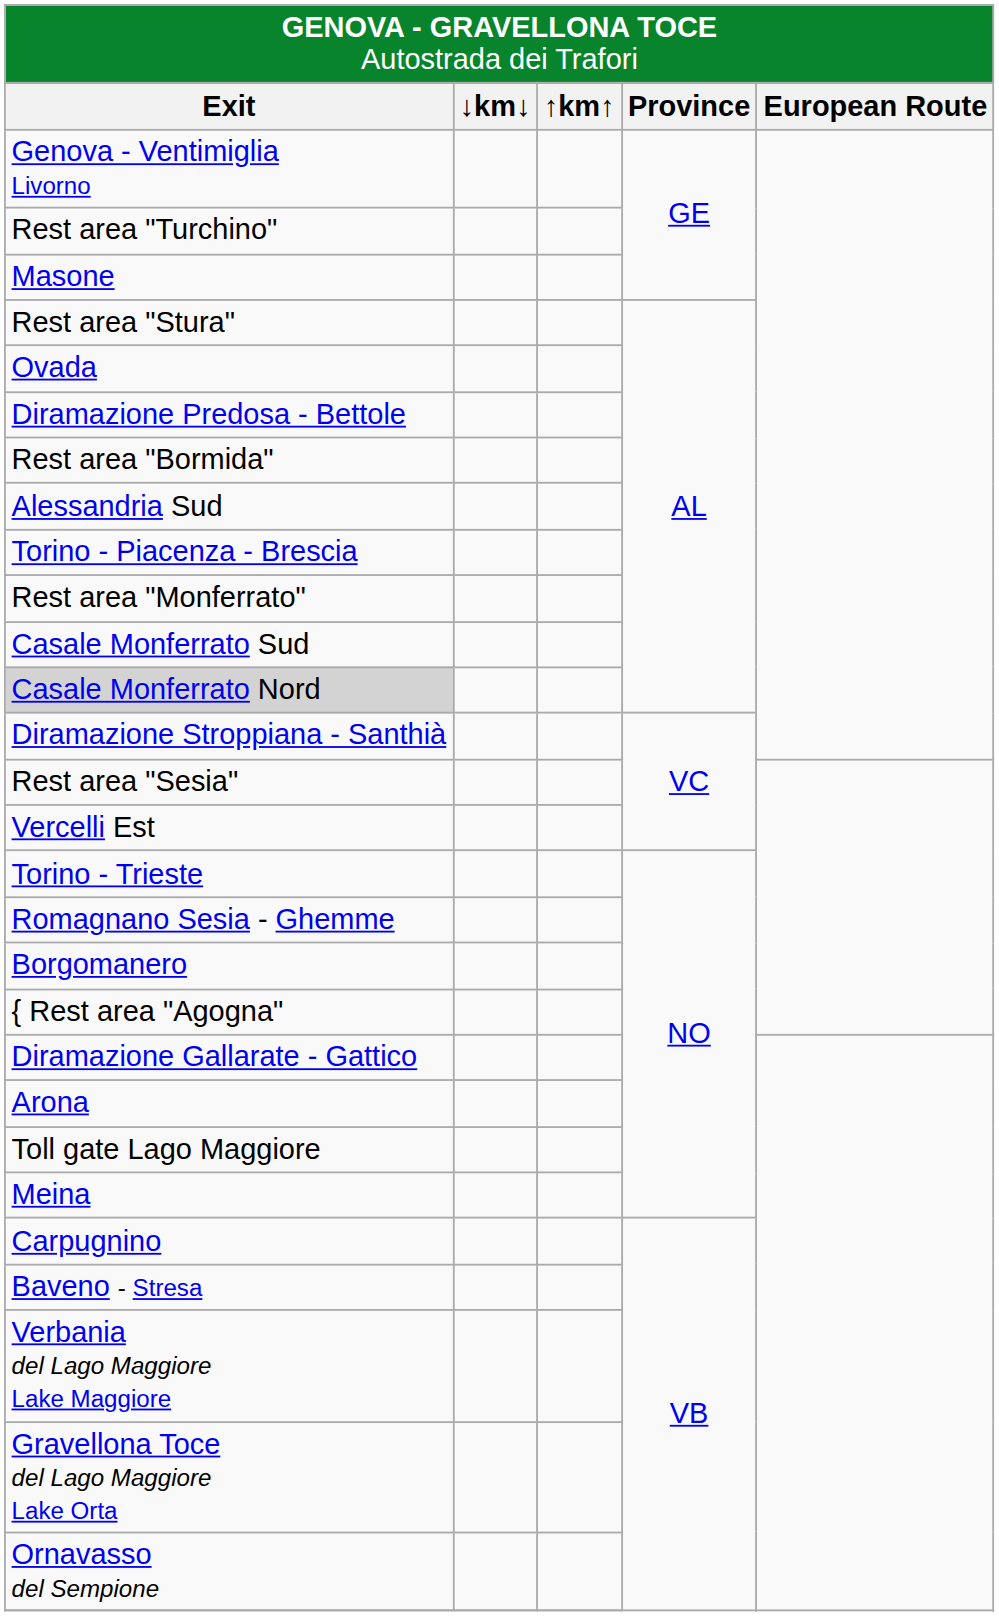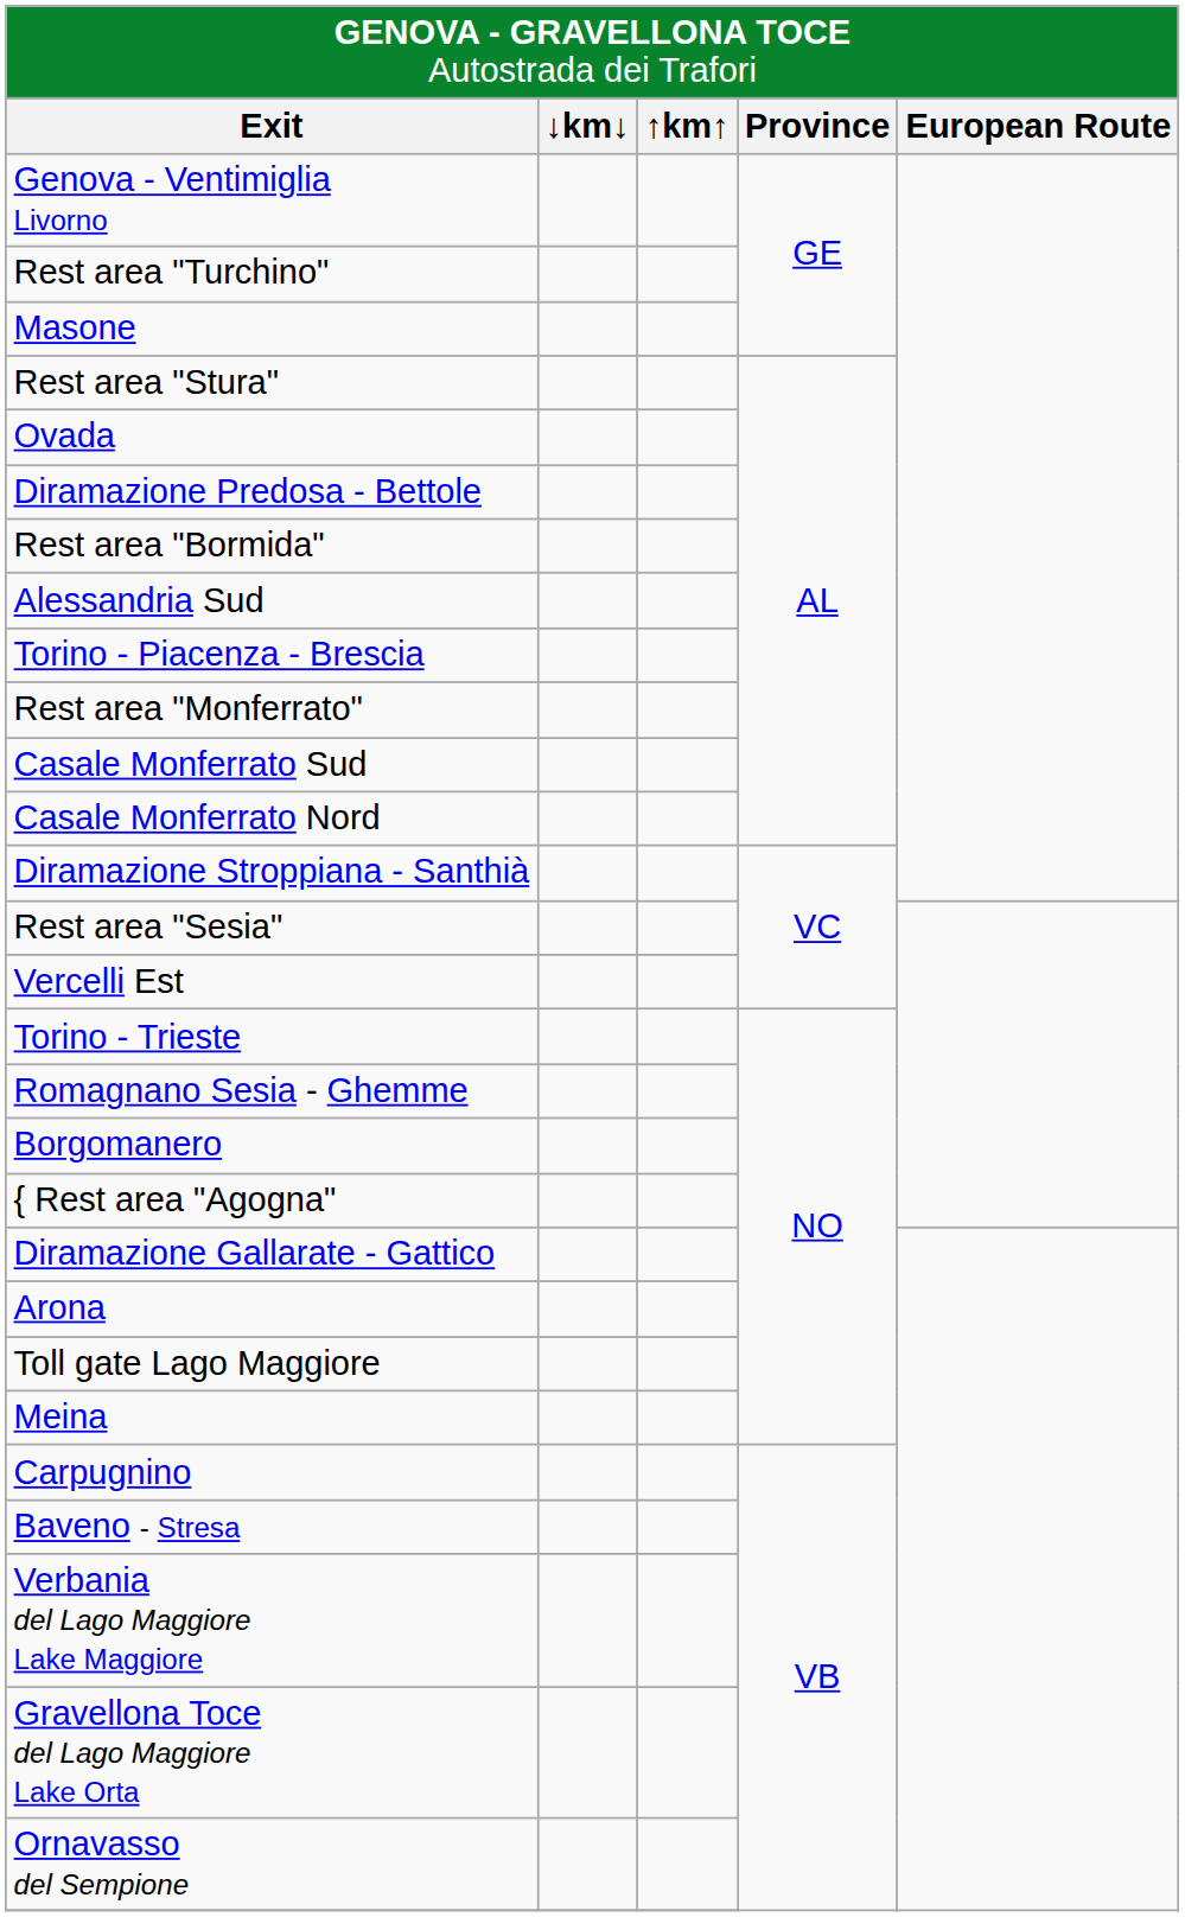 <table class="wikitable" border="1">
 <tr>
 </tr>
 <tr align="center" bgcolor="08842C" style="color: white;font-size:100%;">
 <td colspan="6"><strong> GENOVA - GRAVELLONA TOCE</strong><br>Autostrada dei Trafori</td>
 </tr>
 <tr>
 <th style="text-align:center;"><strong>Exit</strong></th>
 <th style="text-align:center;"><strong>↓km↓</strong></th>
 <th style="text-align:center;"><strong>↑km↑</strong></th>
 <th align="center"><strong>Province</strong></th>
 <th align="center"><strong>European Route</strong></th>
 </tr>
 <tr>
 <td>   <a href='#'>Genova - Ventimiglia</a><br><small> <a href='#'>Livorno</a></small></td>
 <td align="right"></td>
 <td align="right"></td>
 <td rowspan=3 align="center"><a href='#'>GE</a></td>
 <td rowspan=13 align="center"></td>
 </tr>
 <tr>
 <td> Rest area "Turchino"</td>
 <td align="right"></td>
 <td align="right"></td>
 </tr>
 <tr>
 <td> <a href='#'>Masone</a></td>
 <td align="right"></td>
 <td align="right"></td>
 </tr>
 <tr>
 <td> Rest area "Stura"</td>
 <td align="right"></td>
 <td align="right"></td>
 <td rowspan=9 align="center"><a href='#'>AL</a></td>
 </tr>
 <tr>
 <td> <a href='#'>Ovada</a></td>
 <td align="right"></td>
 <td align="right"></td>
 </tr>
 <tr>
 <td>  <a href='#'>Diramazione Predosa - Bettole</a></td>
 <td align="right"></td>
 <td align="right"></td>
 </tr>
 <tr>
 <td> Rest area "Bormida"</td>
 <td align="right"></td>
 <td align="right"></td>
 </tr>
 <tr>
 <td> <a href='#'>Alessandria</a> Sud</td>
 <td align="right"></td>
 <td align="right"></td>
 </tr>
 <tr>
 <td>   <a href='#'>Torino - Piacenza - Brescia</a></td>
 <td align="right"></td>
 <td align="right"></td>
 </tr>
 <tr>
 <td> Rest area "Monferrato"</td>
 <td align="right"></td>
 <td align="right"></td>
 </tr>
 <tr>
 <td> <a href='#'>Casale Monferrato</a> Sud</td>
 <td align="right"></td>
 <td align="right"></td>
 </tr>
 <tr>
-<td style="background: lightgrey;"> <a href='#'>Casale Monferrato</a> Nord</td>
+<td> <a href='#'>Casale Monferrato</a> Nord</td>
 <td align="right"></td>
 <td align="right"></td>
 </tr>
 <tr>
 <td>  <a href='#'>Diramazione Stroppiana - Santhià</a></td>
 <td align="right"></td>
 <td align="right"></td>
 <td rowspan=3 align="center"><a href='#'>VC</a></td>
 </tr>
 <tr>
 <td> Rest area "Sesia"</td>
 <td align="right"></td>
 <td align="right"></td>
 <td rowspan=6 align=”center”></td>
 </tr>
 <tr>
 <td> <a href='#'>Vercelli</a> Est</td>
 <td align="right"></td>
 <td align="right"></td>
 </tr>
 <tr>
 <td>   <a href='#'>Torino - Trieste</a></td>
 <td align="right"></td>
 <td align="right"></td>
 <td rowspan="8" align="center"><a href='#'>NO</a></td>
 </tr>
 <tr>
 <td> <a href='#'>Romagnano Sesia</a> - <a href='#'>Ghemme</a></td>
 <td align="right"></td>
 <td align="right"></td>
 </tr>
 <tr>
 <td> <a href='#'>Borgomanero</a></td>
 <td align="right"></td>
 <td align="right"></td>
 </tr>
 <tr>
 <td>{ Rest area "Agogna"</td>
 <td align="right"></td>
 <td align="right"></td>
 </tr>
 <tr>
 <td>   <a href='#'>Diramazione Gallarate - Gattico</a></td>
 <td align="right"></td>
 <td align="right"></td>
 <td rowspan=10 align="center"></td>
 </tr>
 <tr>
 <td> <a href='#'>Arona</a></td>
 <td align="right"></td>
 <td align="right"></td>
 </tr>
 <tr>
 <td> Toll gate Lago Maggiore</td>
 <td align="right"></td>
 <td align="right"></td>
 </tr>
 <tr>
 <td> <a href='#'>Meina</a></td>
 <td align="right"></td>
 <td align="right"></td>
 </tr>
 <tr>
 <td> <a href='#'>Carpugnino</a></td>
 <td align="right"></td>
 <td align="right"></td>
 <td rowspan=6 align="center"><a href='#'>VB</a></td>
 </tr>
 <tr>
 <td> <a href='#'>Baveno</a> <small>- <a href='#'>Stresa</a></small></td>
 <td align="right"></td>
 <td align="right"></td>
 </tr>
 <tr>
 <td> <a href='#'>Verbania</a><br><small>  <em>del Lago Maggiore</em><br> <a href='#'>Lake Maggiore</a> </small></td>
 <td align="right"></td>
 <td align="right"></td>
 </tr>
 <tr>
 <td> <a href='#'>Gravellona Toce</a><br><small>  <em>del Lago Maggiore</em><br> <a href='#'>Lake Orta</a> </small></td>
 <td align="right"></td>
 <td align="right"></td>
 </tr>
 <tr>
 <td>  <a href='#'>Ornavasso</a><br><small>  <em>del Sempione</em></small></td>
 <td align="right"></td>
 <td align="right"></td>
 </tr>
 <tr>
 </tr>
 </table>
